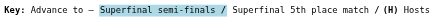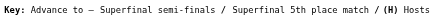 <table style="font-size: 85%;">
 <tr>
 <td height=5></td>
 </tr>
 <tr>
 <td><strong>Key:</strong> Advance to –</td>
 <td></td>
-<td style="background: lightblue;">Superfinal semi-finals <strong>/</strong></td>
+<td>Superfinal semi-finals <strong>/</strong></td>
 <td></td>
 <td>Superfinal 5th place match <strong>/</strong></td>
 <td><strong>(H)</strong> Hosts</td>
 </tr>
 </table>
